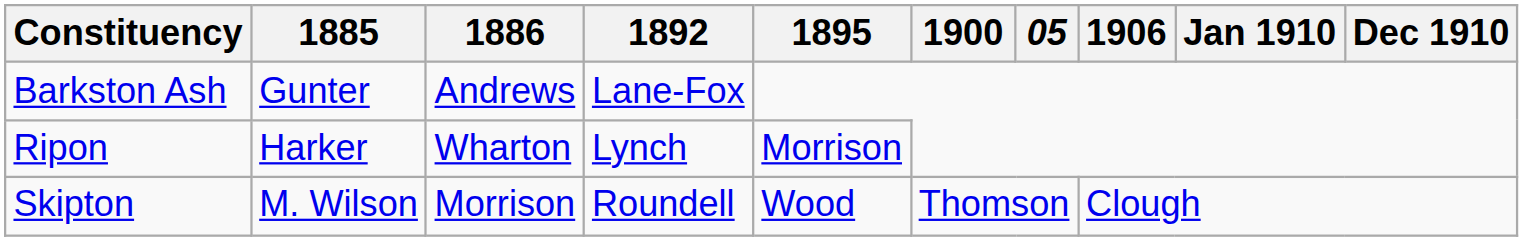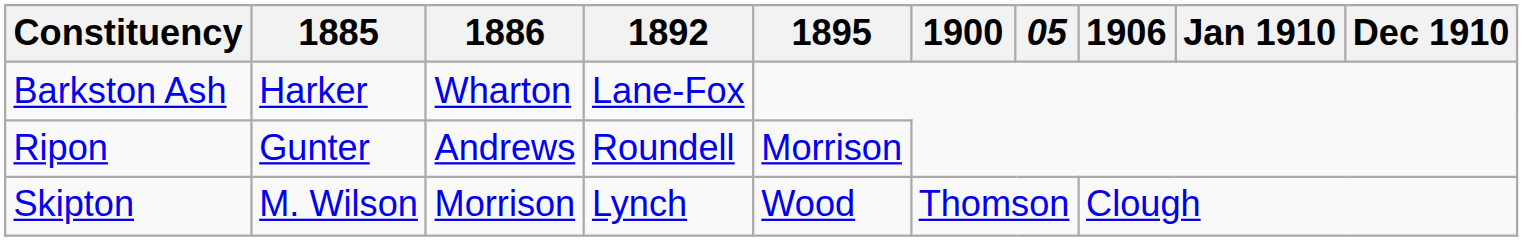 <table class="wikitable">
 <tr>
 <th>Constituency</th>
 <th>1885</th>
 <th>1886</th>
 <th>1892</th>
 <th>1895</th>
 <th>1900</th>
 <th><em>05</em></th>
 <th>1906</th>
 <th>Jan 1910</th>
 <th>Dec 1910</th>
 </tr>
 <tr>
 <td><a href='#'>Barkston Ash</a></td>
-<td><a href='#'>Gunter</a></td>
-<td><a href='#'>Andrews</a></td>
+<td><a href='#'>Harker</a></td>
+<td><a href='#'>Wharton</a></td>
 <td><a href='#'>Lane-Fox</a></td>
 </tr>
 <tr>
 <td><a href='#'>Ripon</a></td>
-<td><a href='#'>Harker</a></td>
-<td><a href='#'>Wharton</a></td>
-<td><a href='#'>Lynch</a></td>
+<td><a href='#'>Gunter</a></td>
+<td><a href='#'>Andrews</a></td>
+<td><a href='#'>Roundell</a></td>
 <td><a href='#'>Morrison</a></td>
 </tr>
 <tr>
 <td><a href='#'>Skipton</a></td>
 <td><a href='#'>M. Wilson</a></td>
 <td><a href='#'>Morrison</a></td>
-<td><a href='#'>Roundell</a></td>
+<td><a href='#'>Lynch</a></td>
 <td><a href='#'>Wood</a></td>
 <td colspan="2"><a href='#'>Thomson</a></td>
 <td colspan="3"><a href='#'>Clough</a></td>
 </tr>
 </table>
